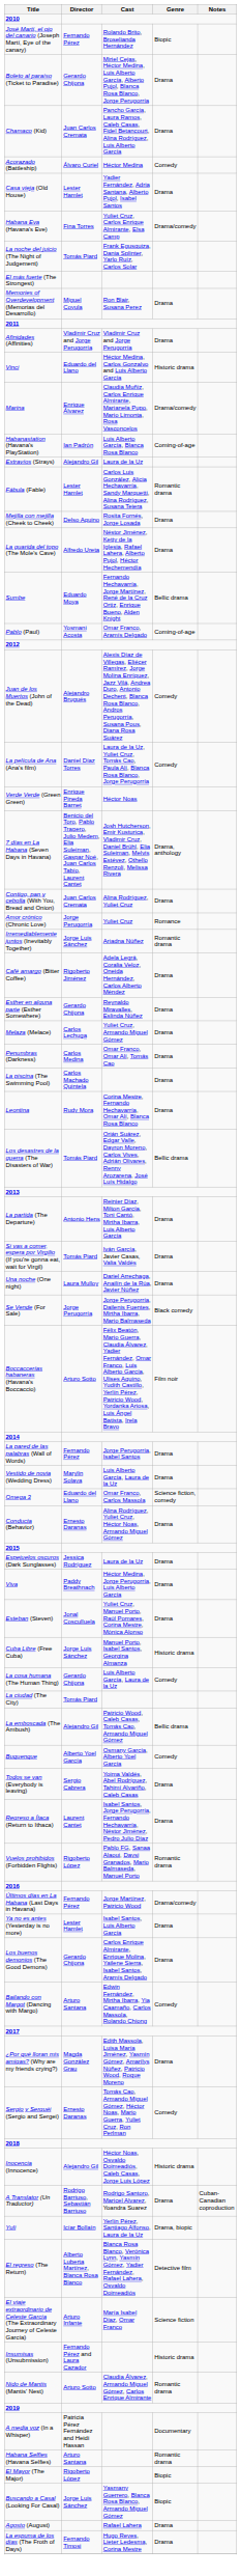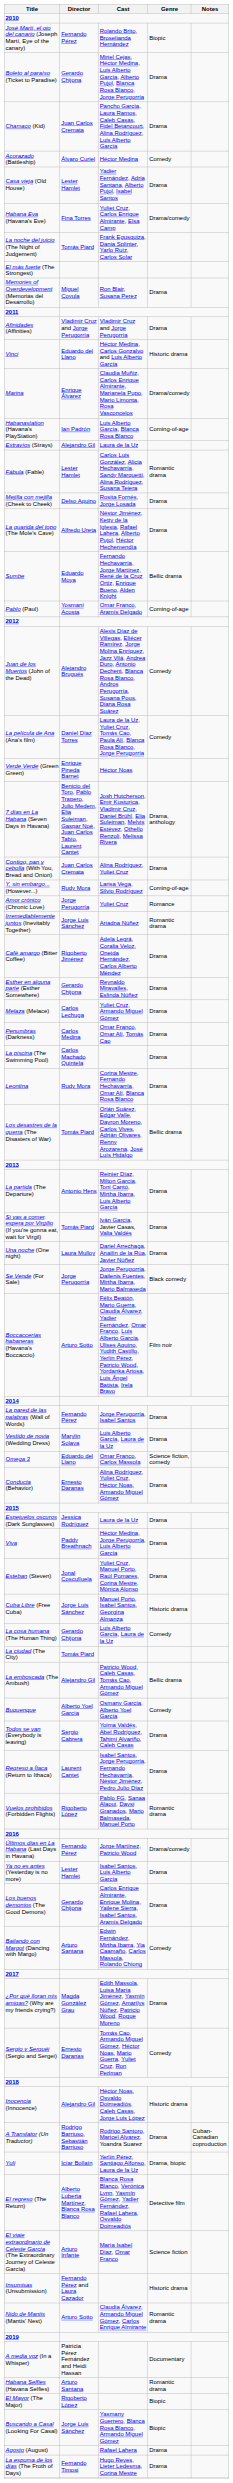 <table class="wikitable">
 <tr>
 <th>Title</th>
 <th>Director</th>
 <th>Cast</th>
 <th>Genre</th>
 <th>Notes</th>
 </tr>
 <tr>
 <td><strong><a href='#'>2010</a></strong></td>
 </tr>
 <tr>
 <td><em><a href='#'>José Martí, el ojo del canario</a></em> (Joseph Martí, Eye of the canary)</td>
 <td><a href='#'>Fernando Pérez</a></td>
 <td><a href='#'>Rolando Brito</a>, <a href='#'>Broselianda Hernández</a></td>
 <td>Biopic</td>
 <td></td>
 </tr>
 <tr>
 <td><em><a href='#'>Boleto al paraíso</a></em> (Ticket to Paradise)</td>
 <td><a href='#'>Gerardo Chijona</a></td>
 <td><a href='#'>Miriel Cejas</a>, <a href='#'>Héctor Medina</a>, <a href='#'>Luis Alberto García</a>, <a href='#'>Alberto Pujol</a>, <a href='#'>Blanca Rosa Blanco</a>, <a href='#'>Jorge Perugorría</a></td>
 <td>Drama</td>
 <td></td>
 </tr>
 <tr>
 <td><em><a href='#'>Chamaco</a></em> (Kid)</td>
 <td><a href='#'>Juan Carlos Cremata</a></td>
 <td><a href='#'>Pancho García</a>, <a href='#'>Laura Ramos</a>, <a href='#'>Caleb Casas</a>, <a href='#'>Fidel Betancourt</a>, <a href='#'>Alina Rodríguez</a>, <a href='#'>Luis Alberto García</a></td>
 <td>Drama</td>
 <td></td>
 </tr>
 <tr>
 <td><em><a href='#'>Acorazado</a></em> (Battleship)</td>
 <td><a href='#'>Álvaro Curiel</a></td>
 <td><a href='#'>Héctor Medina</a></td>
 <td>Comedy</td>
 <td></td>
 </tr>
 <tr>
 <td><em><a href='#'>Casa vieja</a></em> (Old House)</td>
 <td><a href='#'>Lester Hamlet</a></td>
 <td><a href='#'>Yadier Fernández</a>, <a href='#'>Adria Santana</a>, <a href='#'>Alberto Pujol</a>, <a href='#'>Isabel Santos</a></td>
 <td>Drama</td>
 <td></td>
 </tr>
 <tr>
 <td><em><a href='#'>Habana Eva</a></em> (Havana's Eve)</td>
 <td><a href='#'>Fina Torres</a></td>
 <td><a href='#'>Yuliet Cruz</a>, <a href='#'>Carlos Enrique Almirante</a>, <a href='#'>Elsa Camp</a></td>
 <td>Drama/comedy</td>
 <td></td>
 </tr>
 <tr>
 <td><em><a href='#'>La noche del juicio</a></em> (The Night of Judgement)</td>
 <td><a href='#'>Tomás Piard</a></td>
 <td><a href='#'>Frank Egusquiza</a>, <a href='#'>Dania Splinter</a>, <a href='#'>Yarlo Ruíz</a>, <a href='#'>Carlos Solar</a></td>
 <td></td>
 <td></td>
 </tr>
 <tr>
 <td><em><a href='#'>El más fuerte</a></em> (The Strongest)</td>
 <td></td>
 <td></td>
 <td></td>
 <td></td>
 </tr>
 <tr>
 <td><em><a href='#'>Memories of Overdevelopment</a></em> (Memorias del Desarrollo)</td>
 <td><a href='#'>Miguel Coyula</a></td>
 <td><a href='#'>Ron Blair</a>, <a href='#'>Susana Perez</a></td>
 <td>Drama</td>
 <td></td>
 </tr>
 <tr>
 <td><strong><a href='#'>2011</a></strong></td>
 </tr>
 <tr>
 <td><em><a href='#'>Afinidades</a></em> (Affinities)</td>
 <td><a href='#'>Vladimir Cruz</a> and <a href='#'>Jorge Perugorría</a></td>
 <td><a href='#'>Vladimir Cruz</a> and <a href='#'>Jorge Perugorría</a></td>
 <td>Drama</td>
 <td></td>
 </tr>
 <tr>
 <td><em><a href='#'>Vinci</a></em></td>
 <td><a href='#'>Eduardo del Llano</a></td>
 <td><a href='#'>Héctor Medina</a>, <a href='#'>Carlos Gonzalvo</a> and <a href='#'>Luis Alberto García</a></td>
 <td>Historic drama</td>
 <td></td>
 </tr>
 <tr>
 <td><em><a href='#'>Marina</a></em></td>
 <td><a href='#'>Enrique Álvarez</a></td>
 <td><a href='#'>Claudia Muñiz</a>, <a href='#'>Carlos Enrique Almirante</a>, <a href='#'>Marianela Pupo</a>, <a href='#'>Mario Limonta</a>, <a href='#'>Rosa Vasconcelos</a></td>
 <td>Drama/comedy</td>
 <td></td>
 </tr>
 <tr>
 <td><em><a href='#'>Habanastation</a></em> (Havana's PlayStation)</td>
 <td><a href='#'>Ian Padrón</a></td>
 <td><a href='#'>Luis Alberto García</a>, <a href='#'>Blanca Rosa Blanco</a></td>
 <td>Coming-of-age</td>
 <td></td>
 </tr>
 <tr>
 <td><em><a href='#'>Extravíos</a></em> (Strays)</td>
 <td><a href='#'>Alejandro Gil</a></td>
 <td><a href='#'>Laura de la Uz</a></td>
 <td></td>
 <td></td>
 </tr>
 <tr>
 <td><em><a href='#'>Fábula</a></em> (Fable)</td>
 <td><a href='#'>Lester Hamlet</a></td>
 <td><a href='#'>Carlos Luis González</a>, <a href='#'>Alicia Hechavarría</a>, <a href='#'>Sandy Marquetti</a>, <a href='#'>Alina Rodríguez</a>, <a href='#'>Susana Tejera</a></td>
 <td>Romantic drama</td>
 <td></td>
 </tr>
 <tr>
 <td><em><a href='#'>Mejilla con mejilla</a></em> (Cheek to Cheek)</td>
 <td><a href='#'>Delso Aquino</a></td>
 <td><a href='#'>Rosita Fornés</a>, <a href='#'>Jorge Losada</a></td>
 <td>Drama</td>
 <td></td>
 </tr>
 <tr>
 <td><em><a href='#'>La guarida del topo</a></em> (The Mole's Cave)</td>
 <td><a href='#'>Alfredo Ureta</a></td>
 <td><a href='#'>Néstor Jiménez</a>, <a href='#'>Ketty de la Iglesia</a>, <a href='#'>Rafael Lahera</a>, <a href='#'>Alberto Pujol</a>, <a href='#'>Héctor Hechemendía</a></td>
 <td>Drama</td>
 <td></td>
 </tr>
 <tr>
 <td><em><a href='#'>Sumbe</a></em></td>
 <td><a href='#'>Eduardo Moya</a></td>
 <td><a href='#'>Fernando Hechavarría</a>, <a href='#'>Jorge Martínez</a>, <a href='#'>René de la Cruz Ortiz</a>, <a href='#'>Enrique Bueno</a>, <a href='#'>Alden Knight</a></td>
 <td>Bellic drama</td>
 <td></td>
 </tr>
 <tr>
 <td><em><a href='#'>Pablo</a></em> (Paul)</td>
 <td><a href='#'>Yosmani Acosta</a></td>
 <td><a href='#'>Omar Franco</a>, <a href='#'>Aramís Delgado</a></td>
 <td>Coming-of-age</td>
 <td></td>
 </tr>
 <tr>
 <td><strong><a href='#'>2012</a></strong></td>
 </tr>
 <tr>
 <td><em><a href='#'>Juan de los Muertos</a></em> (John of the Dead)</td>
 <td><a href='#'>Alejandro Brugués</a></td>
 <td><a href='#'>Alexis Díaz de Villegas</a>, <a href='#'>Eliécer Ramírez</a>, <a href='#'>Jorge Molina Enríquez</a>, <a href='#'>Jazz Vilá</a>, <a href='#'>Andrea Duro</a>, <a href='#'>Antonio Dechent</a>, <a href='#'>Blanca Rosa Blanco</a>, <a href='#'>Andros Perugorría</a>, <a href='#'>Susana Pous</a>, <a href='#'>Diana Rosa Suárez</a></td>
 <td>Comedy</td>
 <td></td>
 </tr>
 <tr>
 <td><em><a href='#'>La película de Ana</a></em> (Ana's film)</td>
 <td><a href='#'>Daniel Díaz Torres</a></td>
 <td><a href='#'>Laura de la Uz</a>, <a href='#'>Yuliet Cruz</a>, <a href='#'>Tomás Cao</a>, <a href='#'>Paula Alí</a>, <a href='#'>Blanca Rosa Blanco</a>, <a href='#'>Jorge Perugorría</a></td>
 <td>Comedy</td>
 <td></td>
 </tr>
 <tr>
 <td><em><a href='#'>Verde Verde</a></em> (Green Green)</td>
 <td><a href='#'>Enrique Pineda Barnet</a></td>
 <td><a href='#'>Héctor Noas</a></td>
 <td></td>
 <td></td>
 </tr>
 <tr>
 <td><em><a href='#'>7 días en La Habana</a></em> (Seven Days in Havana)</td>
 <td><a href='#'>Benicio del Toro</a>, <a href='#'>Pablo Trapero</a>, <a href='#'>Julio Medem</a>, <a href='#'>Elia Suleiman</a>, <a href='#'>Gaspar Noé</a>, <a href='#'>Juan Carlos Tabío</a>, <a href='#'>Laurent Cantet</a></td>
 <td><a href='#'>Josh Hutcherson</a>, <a href='#'>Emir Kusturica</a>, <a href='#'>Vladimir Cruz</a>, <a href='#'>Daniel Brühl</a>, <a href='#'>Elia Suleiman</a>, <a href='#'>Melvis Estévez</a>, <a href='#'>Othello Renzoli</a>, <a href='#'>Melissa Rivera</a></td>
 <td>Drama, anthology</td>
 <td></td>
 </tr>
 <tr>
 <td><em><a href='#'>Contigo, pan y cebolla</a></em> (With You, Bread and Onion)</td>
 <td><a href='#'>Juan Carlos Cremata</a></td>
 <td><a href='#'>Alina Rodríguez</a>, <a href='#'>Yuliet Cruz</a></td>
 <td>Drama</td>
+<td></td>
+</tr>
+<tr>
+<td><em><a href='#'>Y, sin embargo...</a></em> (However...)</td>
+<td><a href='#'>Rudy Mora</a></td>
+<td><a href='#'>Larisa Vega</a>, <a href='#'>Silvio Rodríguez</a></td>
+<td>Coming-of-age</td>
 <td></td>
 </tr>
 <tr>
 <td><em><a href='#'>Amor crónico</a></em> (Chronic Love)</td>
 <td><a href='#'>Jorge Perugorría</a></td>
 <td><a href='#'>Yuliet Cruz</a></td>
 <td>Romance</td>
 <td></td>
 </tr>
 <tr>
 <td><em><a href='#'>Irremediablemente juntos</a></em> (Inevitably Together)</td>
 <td><a href='#'>Jorge Luis Sánchez</a></td>
 <td><a href='#'>Ariadna Núñez</a></td>
 <td>Romantic drama</td>
 <td></td>
 </tr>
 <tr>
 <td><em><a href='#'>Café amargo</a></em> (Bitter Coffee)</td>
 <td><a href='#'>Rigoberto Jiménez</a></td>
 <td><a href='#'>Adela Legrá</a>, <a href='#'>Coralia Veloz</a>, <a href='#'>Oneida Hernández</a>, <a href='#'>Carlos Alberto Méndez</a></td>
 <td>Drama</td>
 <td></td>
 </tr>
 <tr>
 <td><em><a href='#'>Esther en alguna parte</a></em> (Esther Somewhere)</td>
 <td><a href='#'>Gerardo Chijona</a></td>
 <td><a href='#'>Reynaldo Miravalles</a>, <a href='#'>Eslinda Núñez</a></td>
 <td>Drama</td>
 <td></td>
 </tr>
 <tr>
 <td><em><a href='#'>Melaza</a></em> (Melace)</td>
 <td><a href='#'>Carlos Lechuga</a></td>
 <td><a href='#'>Yuliet Cruz</a>, <a href='#'>Armando Miguel Gómez</a></td>
 <td>Drama</td>
 <td></td>
 </tr>
 <tr>
 <td><em><a href='#'>Penumbras</a></em> (Darkness)</td>
 <td><a href='#'>Carlos Medina</a></td>
 <td><a href='#'>Omar Franco</a>, <a href='#'>Omar Alí</a>, <a href='#'>Tomás Cao</a></td>
 <td>Drama</td>
 <td></td>
 </tr>
 <tr>
 <td><em><a href='#'>La piscina</a></em> (The Swimming Pool)</td>
 <td><a href='#'>Carlos Machado Quintela</a></td>
 <td></td>
 <td>Drama</td>
 <td></td>
 </tr>
 <tr>
 <td><em><a href='#'>Leontina</a></em></td>
 <td><a href='#'>Rudy Mora</a></td>
 <td><a href='#'>Corina Mestre</a>, <a href='#'>Fernando Hechavarría</a>, <a href='#'>Omar Alí</a>, <a href='#'>Blanca Rosa Blanco</a></td>
 <td>Drama</td>
 <td></td>
 </tr>
 <tr>
 <td><em><a href='#'>Los desastres de la guerra</a></em> (The Disasters of War)</td>
 <td><a href='#'>Tomás Piard</a></td>
 <td><a href='#'>Orián Suárez</a>, <a href='#'>Edgar Valle</a>, <a href='#'>Dayron Moreno</a>, <a href='#'>Carlos Vives</a>, <a href='#'>Adrián Olivares</a>, <a href='#'>Renny Arozarena</a>, <a href='#'>José Luís Hidalgo</a></td>
 <td>Bellic drama</td>
 <td></td>
 </tr>
 <tr>
 <td><strong><a href='#'>2013</a></strong></td>
 </tr>
 <tr>
 <td><em><a href='#'>La partida</a></em> (The Departure)</td>
 <td><a href='#'>Antonio Hens</a></td>
 <td><a href='#'>Reinier Díaz</a>, <a href='#'>Milton García</a>, <a href='#'>Toni Cantó</a>, <a href='#'>Mirtha Ibarra</a>, <a href='#'>Luis Alberto García</a></td>
 <td>Drama</td>
 <td></td>
 </tr>
 <tr>
 <td><em><a href='#'>Si vas a comer, espera por Virgilio</a></em> (If you're gonna eat, wait for Virgil)</td>
 <td><a href='#'>Tomás Piard</a></td>
 <td><a href='#'>Iván García</a>, Javier Casas, <a href='#'>Valia Valdés</a></td>
 <td>Drama</td>
 <td></td>
 </tr>
 <tr>
 <td><em><a href='#'>Una noche</a></em> (One night)</td>
 <td><a href='#'>Laura Mulloy</a></td>
 <td><a href='#'>Dariel Arrechaga</a>, <a href='#'>Anailín de la Rúa</a>, <a href='#'>Javier Núñez</a></td>
 <td>Drama</td>
 <td></td>
 </tr>
 <tr>
 <td><em><a href='#'>Se Vende</a></em> (For Sale)</td>
 <td><a href='#'>Jorge Perugorría</a></td>
 <td><a href='#'>Jorge Perugorría</a>, <a href='#'>Dailenis Fuentes</a>, <a href='#'>Mirtha Ibarra</a>, <a href='#'>Mario Balmaseda</a></td>
 <td>Black comedy</td>
 <td></td>
 </tr>
 <tr>
 <td><em><a href='#'>Boccaccerías habaneras</a></em> (Havana's Boccaccio)</td>
 <td><a href='#'>Arturo Sotto</a></td>
 <td><a href='#'>Félix Beatón</a>, <a href='#'>Mario Guerra</a>, <a href='#'>Claudia Álvarez</a>, <a href='#'>Yadier Fernández</a>, <a href='#'>Omar Franco</a>, <a href='#'>Luis Alberto García</a>, <a href='#'>Ulises Aquino</a>, <a href='#'>Yudith Castillo</a>, <a href='#'>Yerlín Pérez</a>, <a href='#'>Patricio Wood</a>, <a href='#'>Yordanka Ariosa</a>, <a href='#'>Luis Ángel Batista</a>, <a href='#'>Irela Bravo</a></td>
 <td>Film noir</td>
 <td></td>
 </tr>
 <tr>
 <td><strong><a href='#'>2014</a></strong></td>
 </tr>
 <tr>
 <td><em><a href='#'>La pared de las palabras</a></em> (Wall of Words)</td>
 <td><a href='#'>Fernando Pérez</a></td>
 <td><a href='#'>Jorge Perugorría</a>, <a href='#'>Isabel Santos</a></td>
 <td>Drama</td>
 <td></td>
 </tr>
 <tr>
 <td><em><a href='#'>Vestido de novia</a></em> (Wedding Dress)</td>
 <td><a href='#'>Marylin Solaya</a></td>
 <td><a href='#'>Luis Alberto García</a>, <a href='#'>Laura de la Uz</a></td>
 <td>Drama</td>
 <td></td>
 </tr>
 <tr>
 <td><em><a href='#'>Omega 3</a></em></td>
 <td><a href='#'>Eduardo del Llano</a></td>
 <td><a href='#'>Omar Franco</a>, <a href='#'>Carlos Massola</a></td>
 <td>Science fiction, comedy</td>
 <td></td>
 </tr>
 <tr>
 <td><em><a href='#'>Conducta</a></em> (Behavior)</td>
 <td><a href='#'>Ernesto Daranas</a></td>
 <td><a href='#'>Alina Rodríguez</a>, <a href='#'>Yuliet Cruz</a>, <a href='#'>Héctor Noas</a>, <a href='#'>Armando Miguel Gómez</a></td>
 <td>Drama</td>
 <td></td>
 </tr>
 <tr>
 <td><strong><a href='#'>2015</a></strong></td>
 </tr>
 <tr>
 <td><em><a href='#'>Espejuelos oscuros</a></em> (Dark Sunglasses)</td>
 <td><a href='#'>Jessica Rodríguez</a></td>
 <td><a href='#'>Laura de la Uz</a></td>
 <td>Drama</td>
 <td></td>
 </tr>
 <tr>
 <td><em><a href='#'>Viva</a></em></td>
 <td><a href='#'>Paddy Breathnach</a></td>
 <td><a href='#'>Héctor Medina</a>, <a href='#'>Jorge Perugorría</a>, <a href='#'>Luis Alberto García</a></td>
 <td>Drama</td>
 <td></td>
 </tr>
 <tr>
 <td><em><a href='#'>Esteban</a></em> (Steven)</td>
 <td><a href='#'>Jonal Cosculluela</a></td>
 <td><a href='#'>Yuliet Cruz</a>, <a href='#'>Manuel Porto</a>, <a href='#'>Raúl Pomares</a>, <a href='#'>Corina Mestre</a>, <a href='#'>Mónica Alonso</a></td>
 <td>Drama</td>
 <td></td>
 </tr>
 <tr>
 <td><em><a href='#'>Cuba Libre</a></em> (Free Cuba)</td>
 <td><a href='#'>Jorge Luis Sánchez</a></td>
 <td><a href='#'>Manuel Porto</a>, <a href='#'>Isabel Santos</a>, <a href='#'>Georgina Almanza</a></td>
 <td>Historic drama</td>
 <td></td>
 </tr>
 <tr>
 <td><em><a href='#'>La cosa humana</a></em> (The Human Thing)</td>
 <td><a href='#'>Gerardo Chijona</a></td>
 <td><a href='#'>Luis Alberto García</a>, <a href='#'>Laura de la Uz</a></td>
 <td>Comedy</td>
 <td></td>
 </tr>
 <tr>
 <td><em><a href='#'>La ciudad</a></em> (The City)</td>
 <td><a href='#'>Tomás Piard</a></td>
 <td></td>
 <td></td>
 <td></td>
 </tr>
 <tr>
 <td><em><a href='#'>La emboscada</a></em> (The Ambush)</td>
 <td><a href='#'>Alejandro Gil</a></td>
 <td><a href='#'>Patricio Wood</a>, <a href='#'>Caleb Casas</a>, <a href='#'>Tomás Cao</a>, <a href='#'>Armando Miguel Gómez</a></td>
 <td>Bellic drama</td>
 <td></td>
 </tr>
 <tr>
 <td><em><a href='#'>Buquenque</a></em></td>
 <td><a href='#'>Alberto Yoel García</a></td>
 <td><a href='#'>Osmany García</a>, <a href='#'>Alberto Yoel García</a></td>
 <td>Comedy</td>
 <td></td>
 </tr>
 <tr>
 <td><em><a href='#'>Todos se van</a></em> (Everybody is leaving)</td>
 <td><a href='#'>Sergio Cabrera</a></td>
 <td><a href='#'>Yoima Valdés</a>, <a href='#'>Abel Rodríguez</a>, <a href='#'>Tahimí Alvariño</a>, <a href='#'>Caleb Casas</a></td>
 <td>Drama</td>
 <td></td>
 </tr>
 <tr>
 <td><em><a href='#'>Regreso a Ítaca</a></em> (Return to Ithaca)</td>
 <td><a href='#'>Laurent Cantet</a></td>
 <td><a href='#'>Isabel Santos</a>, <a href='#'>Jorge Perugorría</a>, <a href='#'>Fernando Hechavarría</a>, <a href='#'>Néstor Jiménez</a>, <a href='#'>Pedro Julio Díaz</a></td>
 <td>Drama</td>
 <td></td>
 </tr>
 <tr>
 <td><em><a href='#'>Vuelos prohibidos</a></em> (Forbidden Flights)</td>
 <td><a href='#'>Rigoberto López</a></td>
 <td><a href='#'>Pablo FG</a>, <a href='#'>Sanaa Alaoui</a>, <a href='#'>Daysi Granados</a>, <a href='#'>Mario Balmaseda</a>, <a href='#'>Manuel Porto</a></td>
 <td>Romantic drama</td>
 <td></td>
 </tr>
 <tr>
 <td><strong><a href='#'>2016</a></strong></td>
 </tr>
 <tr>
 <td><em><a href='#'>Últimos días en La Habana</a></em> (Last Days in Havana)</td>
 <td><a href='#'>Fernando Pérez</a></td>
 <td><a href='#'>Jorge Martínez</a>, <a href='#'>Patricio Wood</a></td>
 <td>Drama/comedy</td>
 <td></td>
 </tr>
 <tr>
 <td><em><a href='#'>Ya no es antes</a></em> (Yesterday is no more)</td>
 <td><a href='#'>Lester Hamlet</a></td>
 <td><a href='#'>Isabel Santos</a>, <a href='#'>Luis Alberto García</a></td>
 <td>Drama</td>
 <td></td>
 </tr>
 <tr>
 <td><em><a href='#'>Los buenos demonios</a></em> (The Good Demons)</td>
 <td><a href='#'>Gerardo Chijona</a></td>
 <td><a href='#'>Carlos Enrique Almirante</a>, <a href='#'>Enrique Molina</a>, <a href='#'>Yailene Sierra</a>, <a href='#'>Isabel Santos</a>, <a href='#'>Aramís Delgado</a></td>
 <td>Drama</td>
 <td></td>
 </tr>
 <tr>
 <td><em><a href='#'>Bailando con Margot</a></em> (Dancing with Margo)</td>
 <td><a href='#'>Arturo Santana</a></td>
 <td><a href='#'>Edwin Fernández</a>, <a href='#'>Mirtha Ibarra</a>, <a href='#'>Yia Caamaño</a>, <a href='#'>Carlos Massola</a>, <a href='#'>Rolando Chiong</a></td>
 <td>Comedy</td>
 <td></td>
 </tr>
 <tr>
 <td><strong><a href='#'>2017</a></strong></td>
 </tr>
 <tr>
 <td><em><a href='#'>¿Por qué lloran mis amigas?</a></em> (Why are my friends crying?)</td>
 <td><a href='#'>Magda González Grau</a></td>
 <td><a href='#'>Edith Massola</a>, <a href='#'>Luisa María Jiménez</a>, <a href='#'>Yasmín Gómez</a>, <a href='#'>Amarilys Núñez</a>, <a href='#'>Patricio Wood</a>, <a href='#'>Roque Moreno</a></td>
 <td>Drama</td>
 <td></td>
 </tr>
 <tr>
 <td><em><a href='#'>Sergio y Serguéi</a></em> (Sergio and Sergei)</td>
 <td><a href='#'>Ernesto Daranas</a></td>
 <td><a href='#'>Tomás Cao</a>, <a href='#'>Armando Miguel Gómez</a>, <a href='#'>Héctor Noas</a>, <a href='#'>Mario Guerra</a>, <a href='#'>Yuliet Cruz</a>, <a href='#'>Ron Perlman</a></td>
 <td>Comedy</td>
 <td></td>
 </tr>
 <tr>
 <td><strong><a href='#'>2018</a></strong></td>
 </tr>
 <tr>
 <td><em><a href='#'>Inocencia</a></em> (Innocence)</td>
 <td><a href='#'>Alejandro Gil</a></td>
 <td><a href='#'>Héctor Noas</a>, <a href='#'>Osvaldo Doimeadiós</a>, <a href='#'>Caleb Casas</a>, <a href='#'>Jorge Luis López</a></td>
 <td>Historic drama</td>
 <td></td>
 </tr>
 <tr>
 <td><em><a href='#'>A Translator</a> (Un Traductor)</em></td>
 <td><a href='#'>Rodrigo Barriuso</a>, <a href='#'>Sebastián Barriuso</a></td>
 <td><a href='#'>Rodrigo Santoro</a>, <a href='#'>Maricel Alvarez</a>, Yoandra Suarez</td>
 <td>Drama</td>
 <td>Cuban-Canadian coproduction</td>
 </tr>
 <tr>
 <td><em><a href='#'>Yuli</a></em></td>
 <td><a href='#'>Icíar Bollaín</a></td>
 <td><a href='#'>Yerlín Pérez</a>, <a href='#'>Santiago Alfonso</a>, <a href='#'>Laura de la Uz</a></td>
 <td>Drama, biopic</td>
 <td></td>
 </tr>
 <tr>
 <td><em><a href='#'>El regreso</a></em> (The Return)</td>
 <td><a href='#'>Alberto Luberta Martínez</a>, <a href='#'>Blanca Rosa Blanco</a></td>
 <td><a href='#'>Blanca Rosa Blanco</a>, <a href='#'>Verónica Lynn</a>, <a href='#'>Yasmín Gómez</a>, <a href='#'>Yadier Fernández</a>, <a href='#'>Rafael Lahera</a>, <a href='#'>Osvaldo Doimeadiós</a></td>
 <td>Detective film</td>
 <td></td>
 </tr>
 <tr>
 <td><em><a href='#'>El viaje extraordinario de Celeste García</a></em> (The Extraordinary Journey of Celeste García)</td>
 <td><a href='#'>Arturo Infante</a></td>
 <td><a href='#'>María Isabel Díaz</a>, <a href='#'>Omar Franco</a></td>
 <td>Science fiction</td>
 <td></td>
 </tr>
 <tr>
 <td><em><a href='#'>Insumisas</a></em> (Unsubmission)</td>
 <td><a href='#'>Fernando Pérez</a> and <a href='#'>Laura Cazador</a></td>
 <td></td>
 <td>Historic drama</td>
 <td></td>
 </tr>
 <tr>
 <td><em><a href='#'>Nido de Mantis</a></em> (Mantis' Nest)</td>
 <td><a href='#'>Arturo Sotto</a></td>
 <td><a href='#'>Claudia Álvarez</a>, <a href='#'>Armando Miguel Gómez</a>, <a href='#'>Carlos Enrique Almirante</a></td>
 <td>Romantic drama</td>
 <td></td>
 </tr>
 <tr>
 <td><strong><a href='#'>2019</a></strong></td>
 </tr>
 <tr>
 <td><em><a href='#'>A media voz</a></em> (In a Whisper)</td>
 <td>Patricia Pérez Fernández and Heidi Hassan</td>
 <td></td>
 <td>Documentary</td>
 <td></td>
 </tr>
 <tr>
 <td><em><a href='#'>Habana Selfies</a></em> (Havana Selfies)</td>
 <td><a href='#'>Arturo Santana</a></td>
 <td></td>
 <td>Romantic drama</td>
 <td></td>
 </tr>
 <tr>
 <td><em><a href='#'>El Mayor</a></em> (The Major)</td>
 <td><a href='#'>Rigoberto López</a></td>
 <td></td>
 <td>Biopic</td>
 <td></td>
 </tr>
 <tr>
 <td><em><a href='#'>Buscando a Casal</a></em> (Looking For Casal)</td>
 <td><a href='#'>Jorge Luis Sánchez</a></td>
 <td><a href='#'>Yasmany Guerrero</a>, <a href='#'>Blanca Rosa Blanco</a>, <a href='#'>Armando Miguel Gómez</a></td>
 <td>Biopic</td>
 <td></td>
 </tr>
 <tr>
 <td><em><a href='#'>Agosto</a></em> (August)</td>
 <td></td>
 <td><a href='#'>Rafael Lahera</a></td>
 <td>Drama</td>
 <td></td>
 </tr>
 <tr>
 <td><em><a href='#'>La espuma de los días</a></em> (The Froth of Days)</td>
 <td><a href='#'>Fernando Timosi</a></td>
 <td><a href='#'>Hugo Reyes</a>, <a href='#'>Lieter Ledesma</a>, <a href='#'>Corina Mestre</a></td>
 <td>Drama</td>
 <td></td>
 </tr>
 <tr>
 </tr>
 <tr>
 </tr>
 </table>
